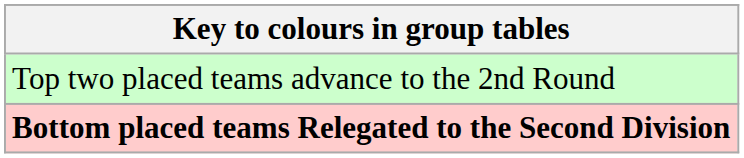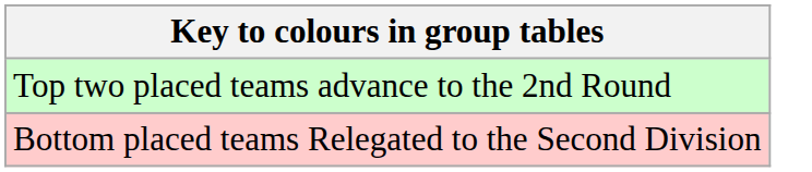 <table class="wikitable">
 <tr>
 <th>Key to colours in group tables</th>
 </tr>
 <tr bgcolor=#ccffcc>
 <td>Top two placed teams advance to the 2nd Round</td>
 </tr>
 <tr bgcolor=#ffcccc>
-<td><strong>Bottom placed teams Relegated to the Second Division</strong></td>
+<td>Bottom placed teams Relegated to the Second Division</td>
 </tr>
 </table>
